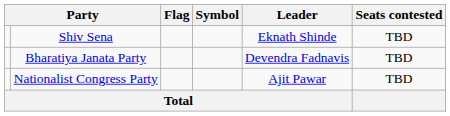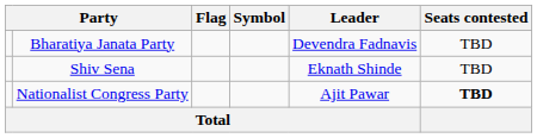 <table class="wikitable" style="text-align:center;">
 <tr>
 <th colspan="2">Party</th>
 <th>Flag</th>
 <th>Symbol</th>
 <th>Leader</th>
 <th>Seats contested</th>
+</tr>
+<tr>
+<td></td>
+<td><a href='#'>Bharatiya Janata Party</a></td>
+<td></td>
+<td></td>
+<td><a href='#'>Devendra Fadnavis</a></td>
+<td>TBD</td>
 </tr>
 <tr>
 <td></td>
 <td><a href='#'>Shiv Sena</a></td>
 <td></td>
 <td></td>
 <td><a href='#'>Eknath Shinde</a></td>
 <td>TBD</td>
 </tr>
 <tr>
 <td></td>
-<td><a href='#'>Bharatiya Janata Party</a></td>
-<td></td>
-<td></td>
-<td><a href='#'>Devendra Fadnavis</a></td>
-<td>TBD</td>
-</tr>
-<tr>
-<td></td>
 <td><a href='#'>Nationalist Congress Party</a></td>
 <td></td>
 <td></td>
 <td><a href='#'>Ajit Pawar</a></td>
-<td>TBD</td>
+<td><strong>TBD</strong></td>
 </tr>
 <tr>
 <th colspan="5">Total</th>
 <th></th>
 </tr>
 </table>
